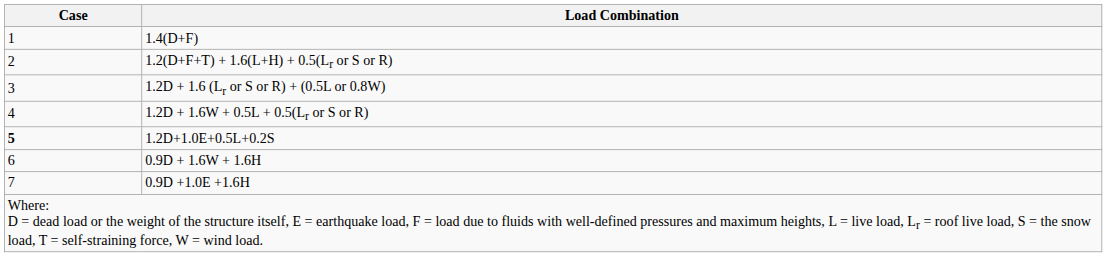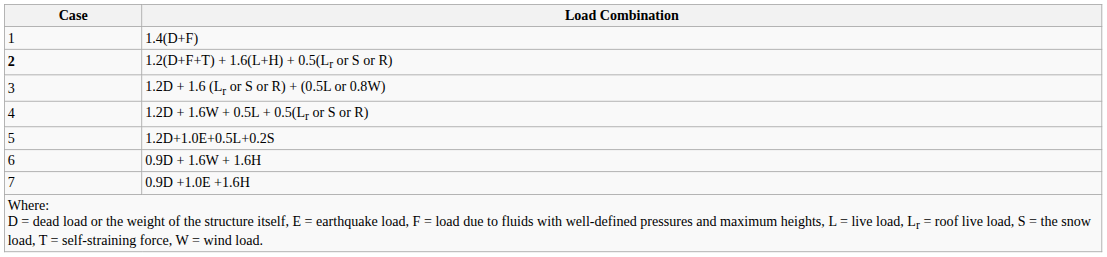 <table class="wikitable">
 <tr>
 <th>Case</th>
 <th>Load Combination</th>
 </tr>
 <tr>
 <td>1</td>
 <td>1.4(D+F)</td>
 </tr>
 <tr>
-<td>2</td>
+<td><strong>2</strong></td>
 <td>1.2(D+F+T) + 1.6(L+H) + 0.5(L<sub>r</sub> or S or R)</td>
 </tr>
 <tr>
 <td>3</td>
 <td>1.2D + 1.6 (L<sub>r</sub> or S or R) + (0.5L or 0.8W)</td>
 </tr>
 <tr>
 <td>4</td>
 <td>1.2D + 1.6W + 0.5L + 0.5(L<sub>r</sub> or S or  R)</td>
 </tr>
 <tr>
-<td><strong>5</strong></td>
+<td>5</td>
 <td>1.2D+1.0E+0.5L+0.2S</td>
 </tr>
 <tr>
 <td>6</td>
 <td>0.9D + 1.6W + 1.6H</td>
 </tr>
 <tr>
 <td>7</td>
 <td>0.9D +1.0E +1.6H</td>
 </tr>
 <tr>
 <td colspan="2">Where:<br>D = dead load or the weight of the structure itself, E = earthquake load, F = load due to fluids with well-defined pressures and maximum heights, L = live load, L<sub>r</sub> = roof live load, S = the snow load, T = self-straining force, W = wind load.</td>
 </tr>
 </table>
